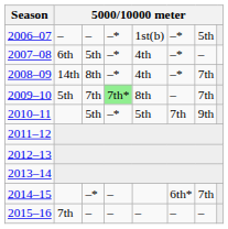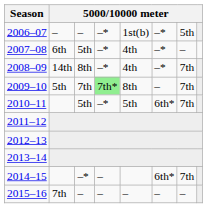 <table class="wikitable" style="display: inline-table;">
 <tr>
 <th>Season</th>
 <th colspan="8">5000/10000 meter</th>
 </tr>
 <tr>
 <td><a href='#'>2006–07</a></td>
 <td>–</td>
 <td>–</td>
 <td>–*</td>
 <td>1st(b)</td>
 <td>–*</td>
 <td>5th</td>
 <td colspan="1" bgcolor=#EEEEEE></td>
 </tr>
 <tr>
 <td><a href='#'>2007–08</a></td>
 <td>6th</td>
 <td>5th</td>
 <td>–*</td>
 <td>4th</td>
 <td>–*</td>
 <td>–</td>
 <td></td>
 </tr>
 <tr>
 <td><a href='#'>2008–09</a></td>
 <td>14th</td>
 <td>8th</td>
 <td>–*</td>
 <td>4th</td>
 <td>–*</td>
 <td>7th</td>
 <td colspan="1" bgcolor=#EEEEEE></td>
 </tr>
 <tr>
 <td><a href='#'>2009–10</a></td>
 <td>5th</td>
 <td>7th</td>
 <td style="background: lightgreen;">7th*</td>
 <td>8th</td>
 <td>–</td>
 <td>7th</td>
 <td colspan="1" bgcolor=#EEEEEE></td>
 </tr>
 <tr>
 <td><a href='#'>2010–11</a></td>
 <td></td>
 <td>5th</td>
 <td>–*</td>
 <td>5th</td>
+<td>6th*</td>
 <td>7th</td>
-<td>9th</td>
 <td colspan="1" bgcolor=#EEEEEE></td>
 </tr>
 <tr>
 <td><a href='#'>2011–12</a></td>
 <td colspan="7" bgcolor=#EEEEEE></td>
 </tr>
 <tr>
 <td><a href='#'>2012–13</a></td>
 <td colspan="7" bgcolor=#EEEEEE></td>
 </tr>
 <tr>
 <td><a href='#'>2013–14</a></td>
 <td colspan="7" bgcolor=#EEEEEE></td>
 </tr>
 <tr>
 <td><a href='#'>2014–15</a></td>
 <td></td>
 <td>–*</td>
 <td>–</td>
 <td></td>
 <td>6th*</td>
 <td>7th</td>
 <td colspan="2" bgcolor=#EEEEEE></td>
 </tr>
 <tr>
 <td><a href='#'>2015–16</a></td>
 <td>7th</td>
 <td>–</td>
 <td>–</td>
 <td>–</td>
 <td>–</td>
 <td>–</td>
 <td colspan="2" bgcolor=#EEEEEE></td>
 </tr>
 </table>
